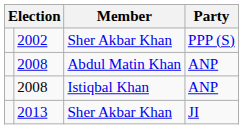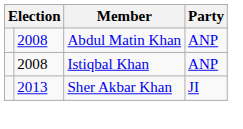 <table class="wikitable">
 <tr>
 <th colspan="2">Election</th>
 <th>Member</th>
 <th>Party</th>
-</tr>
-<tr>
-<td style="background-color: "></td>
-<td><a href='#'>2002</a></td>
-<td><a href='#'>Sher Akbar Khan</a></td>
-<td><a href='#'>PPP (S)</a></td>
 </tr>
 <tr>
 <td style="background-color: "></td>
 <td><a href='#'>2008</a></td>
 <td><a href='#'>Abdul Matin Khan</a></td>
 <td><a href='#'>ANP</a></td>
 </tr>
 <tr>
 <td style="background-color: "></td>
 <td>2008</td>
 <td><a href='#'>Istiqbal Khan</a></td>
 <td><a href='#'>ANP</a></td>
 </tr>
 <tr>
 <td style="background-color: "></td>
 <td><a href='#'>2013</a></td>
 <td><a href='#'>Sher Akbar Khan</a></td>
 <td><a href='#'>JI</a></td>
 </tr>
 </table>
